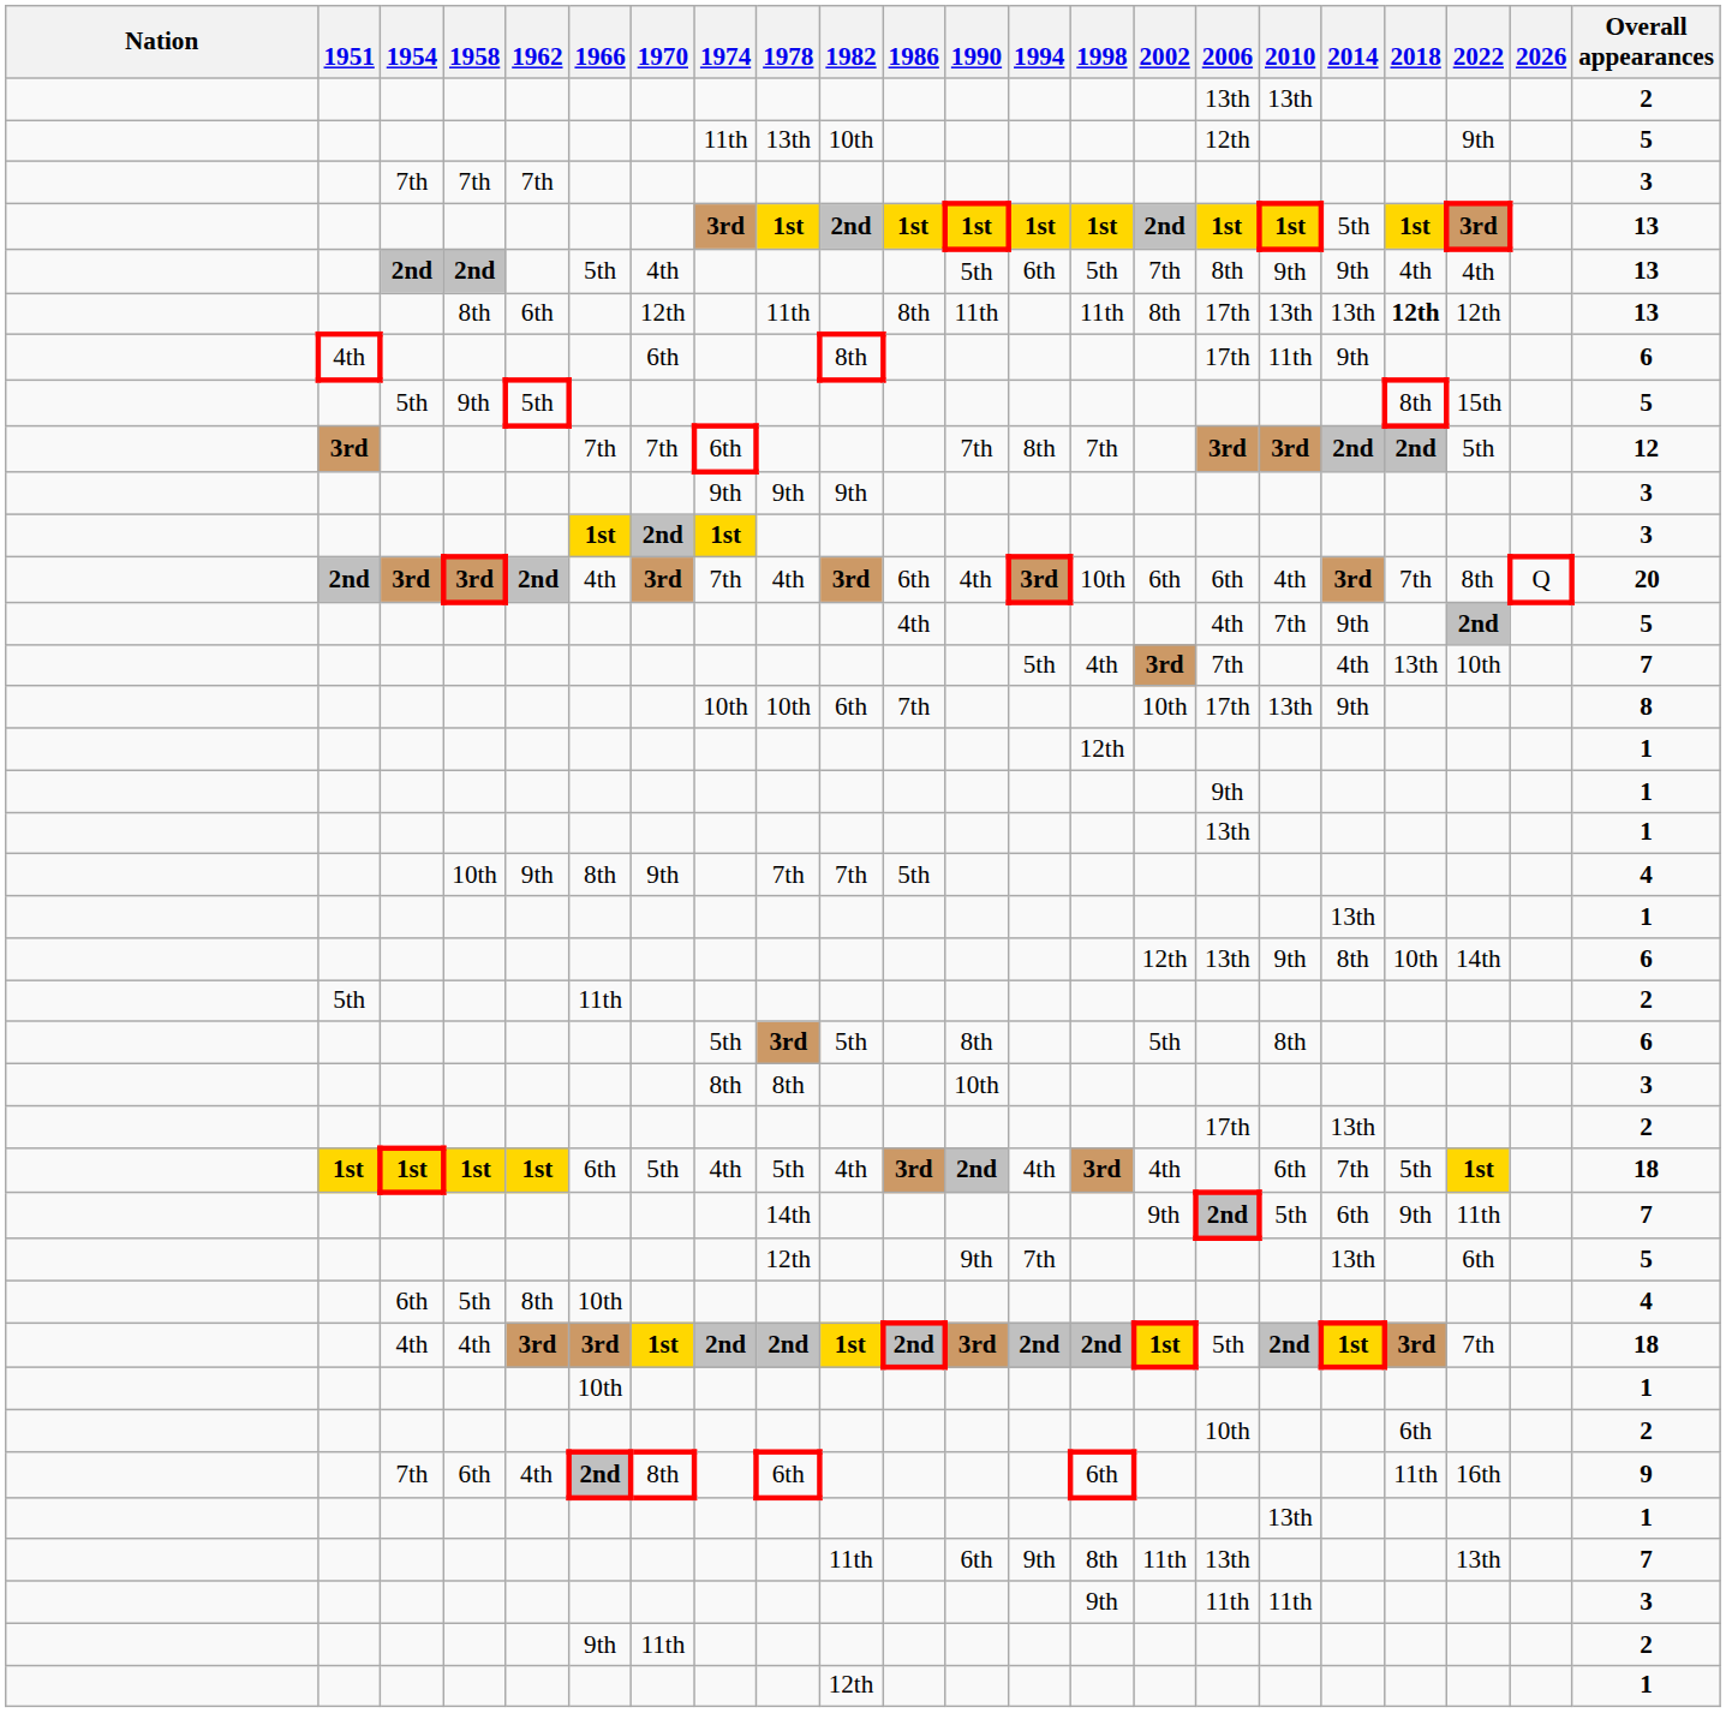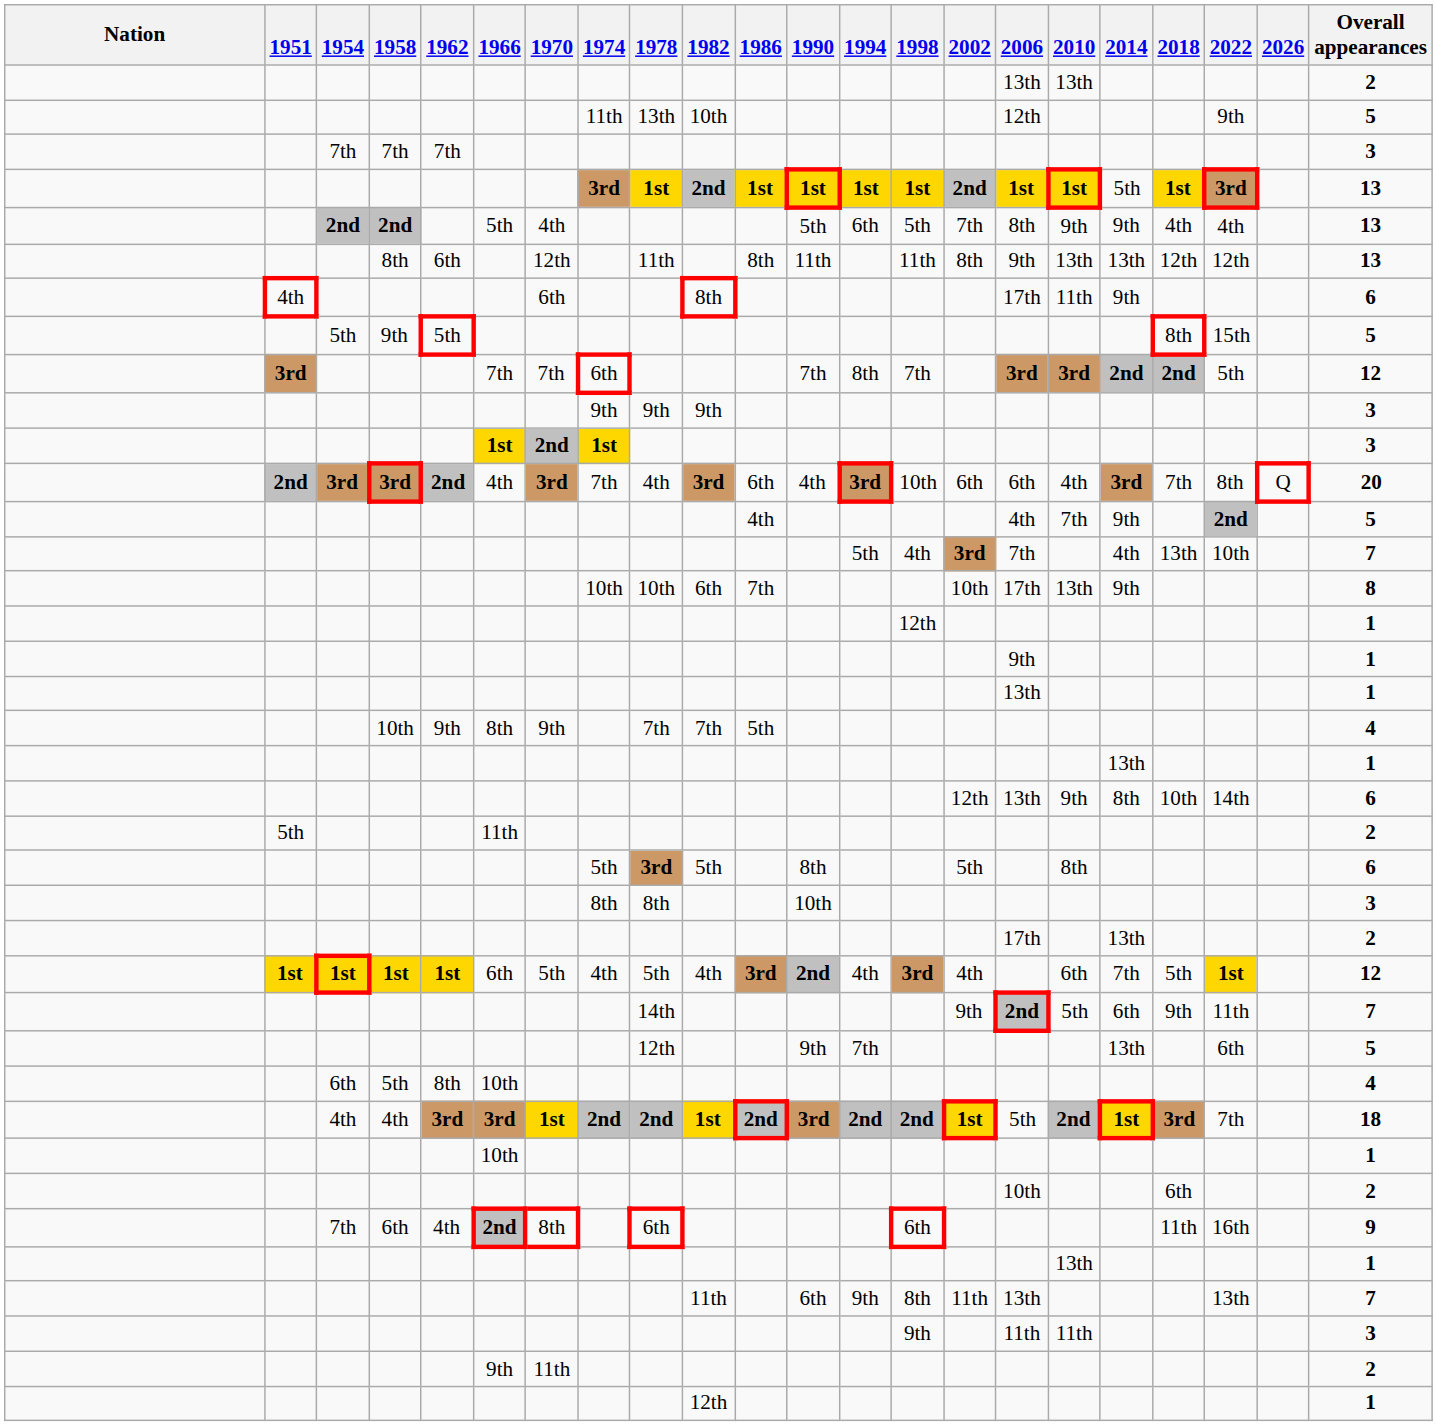 <table class="wikitable" style="text-align:center; font-size:90%">
 <tr>
 <th width=170>Nation</th>
 <th> <br> <a href='#'>1951</a></th>
 <th> <br> <a href='#'>1954</a></th>
 <th> <br> <a href='#'>1958</a></th>
 <th> <br> <a href='#'>1962</a></th>
 <th> <br> <a href='#'>1966</a></th>
 <th> <br> <a href='#'>1970</a></th>
 <th> <br> <a href='#'>1974</a></th>
 <th> <br> <a href='#'>1978</a></th>
 <th> <br> <a href='#'>1982</a></th>
 <th> <br> <a href='#'>1986</a></th>
 <th> <br> <a href='#'>1990</a></th>
 <th> <br> <a href='#'>1994</a></th>
 <th> <br> <a href='#'>1998</a></th>
 <th> <br> <a href='#'>2002</a></th>
 <th> <br> <a href='#'>2006</a></th>
 <th> <br> <a href='#'>2010</a></th>
 <th> <br> <a href='#'>2014</a></th>
 <th> <br> <a href='#'>2018</a></th>
 <th> <br> <a href='#'>2022</a></th>
 <th> <br> <a href='#'>2026</a></th>
 <th>Overall <br> appearances</th>
 </tr>
 <tr>
 <td align=left></td>
 <td></td>
 <td></td>
 <td></td>
 <td></td>
 <td></td>
 <td></td>
 <td></td>
 <td></td>
 <td></td>
 <td></td>
 <td></td>
 <td></td>
 <td></td>
 <td></td>
 <td>13th</td>
 <td>13th</td>
 <td></td>
 <td></td>
 <td></td>
 <td></td>
 <td><strong>2</strong></td>
 </tr>
 <tr>
 <td align=left></td>
 <td></td>
 <td></td>
 <td></td>
 <td></td>
 <td></td>
 <td></td>
 <td>11th</td>
 <td>13th</td>
 <td>10th</td>
 <td></td>
 <td></td>
 <td></td>
 <td></td>
 <td></td>
 <td>12th</td>
 <td></td>
 <td></td>
 <td></td>
 <td>9th</td>
 <td></td>
 <td><strong>5</strong></td>
 </tr>
 <tr>
 <td align=left></td>
 <td></td>
 <td>7th</td>
 <td>7th</td>
 <td>7th</td>
 <td></td>
 <td></td>
 <td></td>
 <td></td>
 <td></td>
 <td></td>
 <td></td>
 <td></td>
 <td></td>
 <td></td>
 <td></td>
 <td></td>
 <td></td>
 <td></td>
 <td></td>
 <td></td>
 <td><strong>3</strong></td>
 </tr>
 <tr>
 <td align=left></td>
 <td></td>
 <td></td>
 <td></td>
 <td></td>
 <td></td>
 <td></td>
 <td bgcolor=#cc9966><strong>3rd</strong></td>
 <td bgcolor=gold><strong>1st</strong></td>
 <td bgcolor=silver><strong>2nd</strong></td>
 <td bgcolor=gold><strong>1st</strong></td>
 <td style="border: 3px solid red" bgcolor=gold><strong>1st</strong></td>
 <td bgcolor=gold><strong>1st</strong></td>
 <td bgcolor=gold><strong>1st</strong></td>
 <td bgcolor=silver><strong>2nd</strong></td>
 <td bgcolor=gold><strong>1st</strong></td>
 <td style="border: 3px solid red" bgcolor=gold><strong>1st</strong></td>
 <td>5th</td>
 <td bgcolor=gold><strong>1st</strong></td>
 <td style="border: 3px solid red" bgcolor=#cc9966><strong>3rd</strong></td>
 <td></td>
 <td><strong>13</strong></td>
 </tr>
 <tr>
 <td align=left></td>
 <td></td>
 <td bgcolor=silver><strong>2nd</strong></td>
 <td bgcolor=silver><strong>2nd</strong></td>
 <td></td>
 <td>5th</td>
 <td>4th</td>
 <td></td>
 <td></td>
 <td></td>
 <td></td>
 <td>5th</td>
 <td>6th</td>
 <td>5th</td>
 <td>7th</td>
 <td>8th</td>
 <td>9th</td>
 <td>9th</td>
 <td>4th</td>
 <td>4th</td>
 <td></td>
 <td><strong>13</strong></td>
 </tr>
 <tr>
 <td align=left></td>
 <td></td>
 <td></td>
 <td>8th</td>
 <td>6th</td>
 <td></td>
 <td>12th</td>
 <td></td>
 <td>11th</td>
 <td></td>
 <td>8th</td>
 <td>11th</td>
 <td></td>
 <td>11th</td>
 <td>8th</td>
-<td>17th</td>
+<td>9th</td>
 <td>13th</td>
 <td>13th</td>
-<td><strong>12th</strong></td>
+<td>12th</td>
 <td>12th</td>
 <td></td>
 <td><strong>13</strong></td>
 </tr>
 <tr>
 <td align=left></td>
 <td style="border: 3px solid red">4th</td>
 <td></td>
 <td></td>
 <td></td>
 <td></td>
 <td>6th</td>
 <td></td>
 <td></td>
 <td style="border: 3px solid red">8th</td>
 <td></td>
 <td></td>
 <td></td>
 <td></td>
 <td></td>
 <td>17th</td>
 <td>11th</td>
 <td>9th</td>
 <td></td>
 <td></td>
 <td></td>
 <td><strong>6</strong></td>
 </tr>
 <tr>
 <td align=left></td>
 <td></td>
 <td>5th</td>
 <td>9th</td>
 <td style="border: 3px solid red">5th</td>
 <td></td>
 <td></td>
 <td></td>
 <td></td>
 <td></td>
 <td></td>
 <td></td>
 <td></td>
 <td></td>
 <td></td>
 <td></td>
 <td></td>
 <td></td>
 <td style="border: 3px solid red">8th</td>
 <td>15th</td>
 <td></td>
 <td><strong>5</strong></td>
 </tr>
 <tr>
 <td align=left></td>
 <td bgcolor=#cc9966><strong>3rd</strong></td>
 <td></td>
 <td></td>
 <td></td>
 <td>7th</td>
 <td>7th</td>
 <td style="border: 3px solid red">6th</td>
 <td></td>
 <td></td>
 <td></td>
 <td>7th</td>
 <td>8th</td>
 <td>7th</td>
 <td></td>
 <td bgcolor=#cc9966><strong>3rd</strong></td>
 <td bgcolor=#cc9966><strong>3rd</strong></td>
 <td bgcolor=silver><strong>2nd</strong></td>
 <td bgcolor=silver><strong>2nd</strong></td>
 <td>5th</td>
 <td></td>
 <td><strong>12</strong></td>
 </tr>
 <tr>
 <td align=left></td>
 <td></td>
 <td></td>
 <td></td>
 <td></td>
 <td></td>
 <td></td>
 <td>9th</td>
 <td>9th</td>
 <td>9th</td>
 <td></td>
 <td></td>
 <td></td>
 <td></td>
 <td></td>
 <td></td>
 <td></td>
 <td></td>
 <td></td>
 <td></td>
 <td></td>
 <td><strong>3</strong></td>
 </tr>
 <tr>
 <td align=left></td>
 <td></td>
 <td></td>
 <td></td>
 <td></td>
 <td bgcolor=gold><strong>1st</strong></td>
 <td bgcolor=silver><strong>2nd</strong></td>
 <td bgcolor=gold><strong>1st</strong></td>
 <td></td>
 <td></td>
 <td></td>
 <td></td>
 <td></td>
 <td></td>
 <td></td>
 <td></td>
 <td></td>
 <td></td>
 <td></td>
 <td></td>
 <td></td>
 <td><strong>3</strong></td>
 </tr>
 <tr>
 <td align=left></td>
 <td bgcolor=silver><strong>2nd</strong></td>
 <td bgcolor=#cc9966><strong>3rd</strong></td>
 <td style="border: 3px solid red" bgcolor=#cc9966><strong>3rd</strong></td>
 <td bgcolor=silver><strong>2nd</strong></td>
 <td>4th</td>
 <td bgcolor=#cc9966><strong>3rd</strong></td>
 <td>7th</td>
 <td>4th</td>
 <td bgcolor=#cc9966><strong>3rd</strong></td>
 <td>6th</td>
 <td>4th</td>
 <td style="border: 3px solid red" bgcolor=#cc9966><strong>3rd</strong></td>
 <td>10th</td>
 <td>6th</td>
 <td>6th</td>
 <td>4th</td>
 <td bgcolor=#cc9966><strong>3rd</strong></td>
 <td>7th</td>
 <td>8th</td>
 <td style="border: 3px solid red">Q</td>
 <td><strong>20</strong></td>
 </tr>
 <tr>
 <td align=left></td>
 <td></td>
 <td></td>
 <td></td>
 <td></td>
 <td></td>
 <td></td>
 <td></td>
 <td></td>
 <td></td>
 <td>4th</td>
 <td></td>
 <td></td>
 <td></td>
 <td></td>
 <td>4th</td>
 <td>7th</td>
 <td>9th</td>
 <td></td>
 <td bgcolor=silver><strong>2nd</strong></td>
 <td></td>
 <td><strong>5</strong></td>
 </tr>
 <tr>
 <td align=left></td>
 <td></td>
 <td></td>
 <td></td>
 <td></td>
 <td></td>
 <td></td>
 <td></td>
 <td></td>
 <td></td>
 <td></td>
 <td></td>
 <td>5th</td>
 <td>4th</td>
 <td bgcolor=#cc9966><strong>3rd</strong></td>
 <td>7th</td>
 <td></td>
 <td>4th</td>
 <td>13th</td>
 <td>10th</td>
 <td></td>
 <td><strong>7</strong></td>
 </tr>
 <tr>
 <td align=left></td>
 <td></td>
 <td></td>
 <td></td>
 <td></td>
 <td></td>
 <td></td>
 <td>10th</td>
 <td>10th</td>
 <td>6th</td>
 <td>7th</td>
 <td></td>
 <td></td>
 <td></td>
 <td>10th</td>
 <td>17th</td>
 <td>13th</td>
 <td>9th</td>
 <td></td>
 <td></td>
 <td></td>
 <td><strong>8</strong></td>
 </tr>
 <tr>
 <td align=left></td>
 <td></td>
 <td></td>
 <td></td>
 <td></td>
 <td></td>
 <td></td>
 <td></td>
 <td></td>
 <td></td>
 <td></td>
 <td></td>
 <td></td>
 <td>12th</td>
 <td></td>
 <td></td>
 <td></td>
 <td></td>
 <td></td>
 <td></td>
 <td></td>
 <td><strong>1</strong></td>
 </tr>
 <tr>
 <td align=left></td>
 <td></td>
 <td></td>
 <td></td>
 <td></td>
 <td></td>
 <td></td>
 <td></td>
 <td></td>
 <td></td>
 <td></td>
 <td></td>
 <td></td>
 <td></td>
 <td></td>
 <td>9th</td>
 <td></td>
 <td></td>
 <td></td>
 <td></td>
 <td></td>
 <td><strong>1</strong></td>
 </tr>
 <tr>
 <td align=left></td>
 <td></td>
 <td></td>
 <td></td>
 <td></td>
 <td></td>
 <td></td>
 <td></td>
 <td></td>
 <td></td>
 <td></td>
 <td></td>
 <td></td>
 <td></td>
 <td></td>
 <td>13th</td>
 <td></td>
 <td></td>
 <td></td>
 <td></td>
 <td></td>
 <td><strong>1</strong></td>
 </tr>
 <tr>
 <td align=left></td>
 <td></td>
 <td></td>
 <td>10th</td>
 <td>9th</td>
 <td>8th</td>
 <td>9th</td>
 <td></td>
 <td>7th</td>
 <td>7th</td>
 <td>5th</td>
 <td></td>
 <td></td>
 <td></td>
 <td></td>
 <td></td>
 <td></td>
 <td></td>
 <td></td>
 <td></td>
 <td></td>
 <td><strong>4</strong></td>
 </tr>
 <tr>
 <td align=left></td>
 <td></td>
 <td></td>
 <td></td>
 <td></td>
 <td></td>
 <td></td>
 <td></td>
 <td></td>
 <td></td>
 <td></td>
 <td></td>
 <td></td>
 <td></td>
 <td></td>
 <td></td>
 <td></td>
 <td>13th</td>
 <td></td>
 <td></td>
 <td></td>
 <td><strong>1</strong></td>
 </tr>
 <tr>
 <td align=left></td>
 <td></td>
 <td></td>
 <td></td>
 <td></td>
 <td></td>
 <td></td>
 <td></td>
 <td></td>
 <td></td>
 <td></td>
 <td></td>
 <td></td>
 <td></td>
 <td>12th</td>
 <td>13th</td>
 <td>9th</td>
 <td>8th</td>
 <td>10th</td>
 <td>14th</td>
 <td></td>
 <td><strong>6</strong></td>
 </tr>
 <tr>
 <td align=left></td>
 <td>5th</td>
 <td></td>
 <td></td>
 <td></td>
 <td>11th</td>
 <td></td>
 <td></td>
 <td></td>
 <td></td>
 <td></td>
 <td></td>
 <td></td>
 <td></td>
 <td></td>
 <td></td>
 <td></td>
 <td></td>
 <td></td>
 <td></td>
 <td></td>
 <td><strong>2</strong></td>
 </tr>
 <tr>
 <td align=left></td>
 <td></td>
 <td></td>
 <td></td>
 <td></td>
 <td></td>
 <td></td>
 <td>5th</td>
 <td bgcolor=#cc9966><strong>3rd</strong></td>
 <td>5th</td>
 <td></td>
 <td>8th</td>
 <td></td>
 <td></td>
 <td>5th</td>
 <td></td>
 <td>8th</td>
 <td></td>
 <td></td>
 <td></td>
 <td></td>
 <td><strong>6</strong></td>
 </tr>
 <tr>
 <td align=left></td>
 <td></td>
 <td></td>
 <td></td>
 <td></td>
 <td></td>
 <td></td>
 <td>8th</td>
 <td>8th</td>
 <td></td>
 <td></td>
 <td>10th</td>
 <td></td>
 <td></td>
 <td></td>
 <td></td>
 <td></td>
 <td></td>
 <td></td>
 <td></td>
 <td></td>
 <td><strong>3</strong></td>
 </tr>
 <tr>
 <td align=left></td>
 <td></td>
 <td></td>
 <td></td>
 <td></td>
 <td></td>
 <td></td>
 <td></td>
 <td></td>
 <td></td>
 <td></td>
 <td></td>
 <td></td>
 <td></td>
 <td></td>
 <td>17th</td>
 <td></td>
 <td>13th</td>
 <td></td>
 <td></td>
 <td></td>
 <td><strong>2</strong></td>
 </tr>
 <tr>
 <td align=left></td>
 <td bgcolor=gold><strong>1st</strong></td>
 <td style="border: 3px solid red" bgcolor=gold><strong>1st</strong></td>
 <td bgcolor=gold><strong>1st</strong></td>
 <td bgcolor=gold><strong>1st</strong></td>
 <td>6th</td>
 <td>5th</td>
 <td>4th</td>
 <td>5th</td>
 <td>4th</td>
 <td bgcolor=#cc9966><strong>3rd</strong></td>
 <td bgcolor=silver><strong>2nd</strong></td>
 <td>4th</td>
 <td bgcolor=#cc9966><strong>3rd</strong></td>
 <td>4th</td>
 <td></td>
 <td>6th</td>
 <td>7th</td>
 <td>5th</td>
 <td bgcolor=gold><strong>1st</strong></td>
 <td></td>
-<td><strong>18</strong></td>
+<td><strong>12</strong></td>
 </tr>
 <tr>
 <td align=left></td>
 <td></td>
 <td></td>
 <td></td>
 <td></td>
 <td></td>
 <td></td>
 <td></td>
 <td>14th</td>
 <td></td>
 <td></td>
 <td></td>
 <td></td>
 <td></td>
 <td>9th</td>
 <td style="border: 3px solid red" bgcolor=silver><strong>2nd</strong></td>
 <td>5th</td>
 <td>6th</td>
 <td>9th</td>
 <td>11th</td>
 <td></td>
 <td><strong>7</strong></td>
 </tr>
 <tr>
 <td align=left></td>
 <td></td>
 <td></td>
 <td></td>
 <td></td>
 <td></td>
 <td></td>
 <td></td>
 <td>12th</td>
 <td></td>
 <td></td>
 <td>9th</td>
 <td>7th</td>
 <td></td>
 <td></td>
 <td></td>
 <td></td>
 <td>13th</td>
 <td></td>
 <td>6th</td>
 <td></td>
 <td><strong>5</strong></td>
 </tr>
 <tr>
 <td align=left></td>
 <td></td>
 <td>6th</td>
 <td>5th</td>
 <td>8th</td>
 <td>10th</td>
 <td></td>
 <td></td>
 <td></td>
 <td></td>
 <td></td>
 <td></td>
 <td></td>
 <td></td>
 <td></td>
 <td></td>
 <td></td>
 <td></td>
 <td></td>
 <td></td>
 <td></td>
 <td><strong>4</strong></td>
 </tr>
 <tr>
 <td align=left></td>
 <td></td>
 <td>4th</td>
 <td>4th</td>
 <td bgcolor=#cc9966><strong>3rd</strong></td>
 <td bgcolor=#cc9966><strong>3rd</strong></td>
 <td bgcolor=gold><strong>1st</strong></td>
 <td bgcolor=silver><strong>2nd</strong></td>
 <td bgcolor=silver><strong>2nd</strong></td>
 <td bgcolor=gold><strong>1st</strong></td>
 <td style="border: 3px solid red" bgcolor=silver><strong>2nd</strong></td>
 <td bgcolor=#cc9966><strong>3rd</strong></td>
 <td bgcolor=silver><strong>2nd</strong></td>
 <td bgcolor=silver><strong>2nd</strong></td>
 <td style="border: 3px solid red" bgcolor=gold><strong>1st</strong></td>
 <td>5th</td>
 <td bgcolor=silver><strong>2nd</strong></td>
 <td style="border: 3px solid red" bgcolor=gold><strong>1st</strong></td>
 <td bgcolor=#cc9966><strong>3rd</strong></td>
 <td>7th</td>
 <td></td>
 <td><strong>18</strong></td>
 </tr>
 <tr>
 <td align=left></td>
 <td></td>
 <td></td>
 <td></td>
 <td></td>
 <td>10th</td>
 <td></td>
 <td></td>
 <td></td>
 <td></td>
 <td></td>
 <td></td>
 <td></td>
 <td></td>
 <td></td>
 <td></td>
 <td></td>
 <td></td>
 <td></td>
 <td></td>
 <td></td>
 <td><strong>1</strong></td>
 </tr>
 <tr>
 <td align=left></td>
 <td></td>
 <td></td>
 <td></td>
 <td></td>
 <td></td>
 <td></td>
 <td></td>
 <td></td>
 <td></td>
 <td></td>
 <td></td>
 <td></td>
 <td></td>
 <td></td>
 <td>10th</td>
 <td></td>
 <td></td>
 <td>6th</td>
 <td></td>
 <td></td>
 <td><strong>2</strong></td>
 </tr>
 <tr>
 <td align=left></td>
 <td></td>
 <td>7th</td>
 <td>6th</td>
 <td>4th</td>
 <td style="border: 3px solid red" bgcolor=silver><strong>2nd</strong></td>
 <td style="border: 3px solid red">8th</td>
 <td></td>
 <td style="border: 3px solid red">6th</td>
 <td></td>
 <td></td>
 <td></td>
 <td></td>
 <td style="border: 3px solid red">6th</td>
 <td></td>
 <td></td>
 <td></td>
 <td></td>
 <td>11th</td>
 <td>16th</td>
 <td></td>
 <td><strong>9</strong></td>
 </tr>
 <tr>
 <td align=left></td>
 <td></td>
 <td></td>
 <td></td>
 <td></td>
 <td></td>
 <td></td>
 <td></td>
 <td></td>
 <td></td>
 <td></td>
 <td></td>
 <td></td>
 <td></td>
 <td></td>
 <td></td>
 <td>13th</td>
 <td></td>
 <td></td>
 <td></td>
 <td></td>
 <td><strong>1</strong></td>
 </tr>
 <tr>
 <td align=left></td>
 <td></td>
 <td></td>
 <td></td>
 <td></td>
 <td></td>
 <td></td>
 <td></td>
 <td></td>
 <td>11th</td>
 <td></td>
 <td>6th</td>
 <td>9th</td>
 <td>8th</td>
 <td>11th</td>
 <td>13th</td>
 <td></td>
 <td></td>
 <td></td>
 <td>13th</td>
 <td></td>
 <td><strong>7</strong></td>
 </tr>
 <tr>
 <td align=left></td>
 <td></td>
 <td></td>
 <td></td>
 <td></td>
 <td></td>
 <td></td>
 <td></td>
 <td></td>
 <td></td>
 <td></td>
 <td></td>
 <td></td>
 <td>9th</td>
 <td></td>
 <td>11th</td>
 <td>11th</td>
 <td></td>
 <td></td>
 <td></td>
 <td></td>
 <td><strong>3</strong></td>
 </tr>
 <tr>
 <td align=left></td>
 <td></td>
 <td></td>
 <td></td>
 <td></td>
 <td>9th</td>
 <td>11th</td>
 <td></td>
 <td></td>
 <td></td>
 <td></td>
 <td></td>
 <td></td>
 <td></td>
 <td></td>
 <td></td>
 <td></td>
 <td></td>
 <td></td>
 <td></td>
 <td></td>
 <td><strong>2</strong></td>
 </tr>
 <tr>
 <td align=left></td>
 <td></td>
 <td></td>
 <td></td>
 <td></td>
 <td></td>
 <td></td>
 <td></td>
 <td></td>
 <td>12th</td>
 <td></td>
 <td></td>
 <td></td>
 <td></td>
 <td></td>
 <td></td>
 <td></td>
 <td></td>
 <td></td>
 <td></td>
 <td></td>
 <td><strong>1</strong></td>
 </tr>
 </table>
